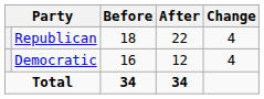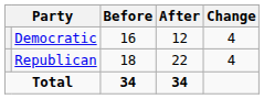 <table class="wikitable" style="text-align:center;">
 <tr>
 </tr>
 <tr>
 <th colspan=2>Party</th>
 <th>Before</th>
 <th>After</th>
 <th>Change</th>
 </tr>
 <tr>
 <th style="background-color:"></th>
-<td style="text-align:left;"><a href='#'>Republican</a></td>
-<td>18</td>
-<td>22</td>
+<td style="text-align:left;"><a href='#'>Democratic</a></td>
+<td>16</td>
+<td>12</td>
 <td> 4</td>
 </tr>
 <tr>
 <th style="background-color:"></th>
-<td style="text-align:left;"><a href='#'>Democratic</a></td>
-<td>16</td>
-<td>12</td>
+<td style="text-align:left;"><a href='#'>Republican</a></td>
+<td>18</td>
+<td>22</td>
 <td> 4</td>
 </tr>
 <tr>
 <td colspan=2><strong>Total</strong></td>
 <td><strong>34</strong></td>
 <td><strong>34</strong></td>
 <td></td>
 </tr>
 </table>
